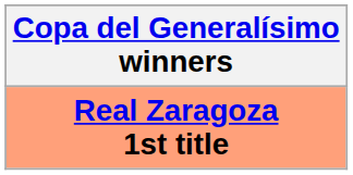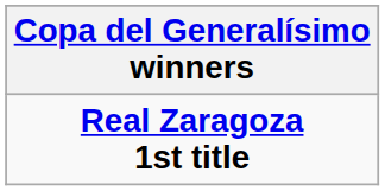 <table class="wikitable" style="text-align: center; margin: 0 auto;">
 <tr>
 <th><a href='#'>Copa del Generalísimo</a><br>winners</th>
 </tr>
 <tr>
-<td style="background: lightsalmon;"><strong><a href='#'>Real Zaragoza</a></strong><br><strong>1st title</strong></td>
+<td><strong><a href='#'>Real Zaragoza</a></strong><br><strong>1st title</strong></td>
 </tr>
 </table>
